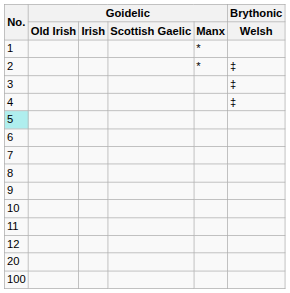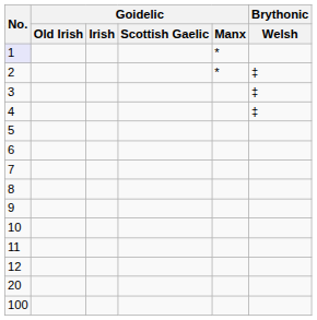 <table class="wikitable">
 <tr>
 <th rowspan=2>No.</th>
 <th colspan="4">Goidelic</th>
 <th>Brythonic</th>
 </tr>
 <tr>
 <th>Old Irish</th>
 <th>Irish</th>
 <th>Scottish Gaelic</th>
 <th>Manx</th>
 <th>Welsh</th>
 </tr>
 <tr>
-<td>1</td>
+<td style="background: lavender;">1</td>
 <td></td>
 <td></td>
 <td></td>
 <td>*</td>
 <td></td>
 </tr>
 <tr>
 <td>2</td>
 <td></td>
 <td></td>
 <td></td>
 <td>*</td>
 <td>‡</td>
 </tr>
 <tr>
 <td>3</td>
 <td></td>
 <td></td>
 <td></td>
 <td></td>
 <td>‡</td>
 </tr>
 <tr>
 <td>4</td>
 <td></td>
 <td></td>
 <td></td>
 <td></td>
 <td>‡</td>
 </tr>
 <tr>
-<td style="background: paleturquoise;">5</td>
+<td>5</td>
 <td></td>
 <td></td>
 <td></td>
 <td></td>
 <td></td>
 </tr>
 <tr>
 <td>6</td>
 <td></td>
 <td></td>
 <td></td>
 <td></td>
 <td></td>
 </tr>
 <tr>
 <td>7</td>
 <td></td>
 <td></td>
 <td></td>
 <td></td>
 <td></td>
 </tr>
 <tr>
 <td>8</td>
 <td></td>
 <td></td>
 <td></td>
 <td></td>
 <td></td>
 </tr>
 <tr>
 <td>9</td>
 <td></td>
 <td></td>
 <td></td>
 <td></td>
 <td></td>
 </tr>
 <tr>
 <td>10</td>
 <td></td>
 <td></td>
 <td></td>
 <td></td>
 <td></td>
 </tr>
 <tr>
 <td>11</td>
 <td></td>
 <td></td>
 <td></td>
 <td></td>
 <td></td>
 </tr>
 <tr>
 <td>12</td>
 <td></td>
 <td></td>
 <td></td>
 <td></td>
 <td></td>
 </tr>
 <tr>
 <td>20</td>
 <td></td>
 <td></td>
 <td></td>
 <td></td>
 <td></td>
 </tr>
 <tr>
 <td>100</td>
 <td></td>
 <td></td>
 <td></td>
 <td></td>
 <td></td>
 </tr>
 </table>
